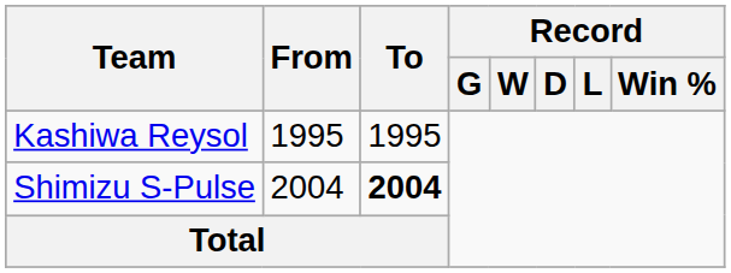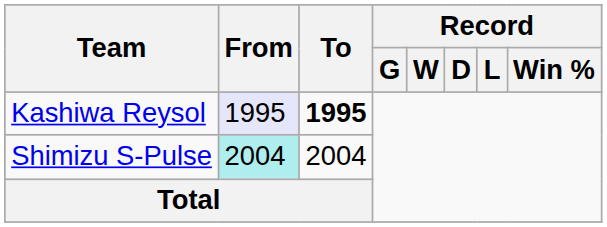 <table class="wikitable" style="text-align: center">
 <tr>
 <th rowspan="2">Team</th>
 <th rowspan="2">From</th>
 <th rowspan="2">To</th>
 <th colspan="5">Record</th>
 </tr>
 <tr>
 <th>G</th>
 <th>W</th>
 <th>D</th>
 <th>L</th>
 <th>Win %</th>
 </tr>
 <tr>
 <td align="left"><a href='#'>Kashiwa Reysol</a></td>
-<td align="left">1995</td>
-<td align="left">1995<br></td>
+<td align="left" style="background: lavender;">1995</td>
+<td align="left"><strong>1995<br></strong></td>
 </tr>
 <tr>
 <td align="left"><a href='#'>Shimizu S-Pulse</a></td>
-<td align="left">2004</td>
-<td align="left"><strong>2004<br></strong></td>
+<td align="left" style="background: paleturquoise;">2004</td>
+<td align="left">2004<br></td>
 </tr>
 <tr>
 <th colspan="3">Total<br></th>
 </tr>
 </table>
